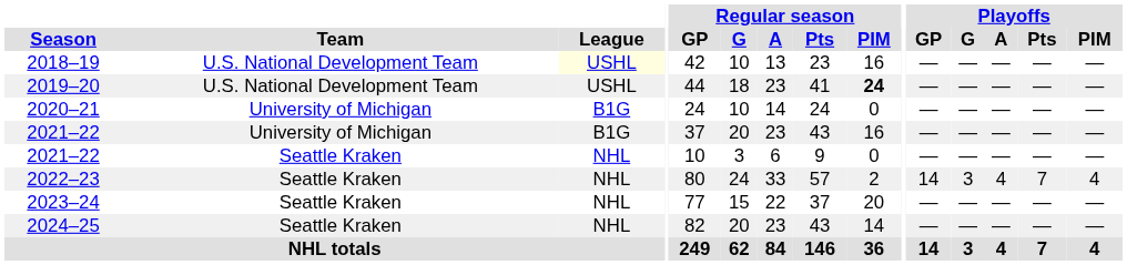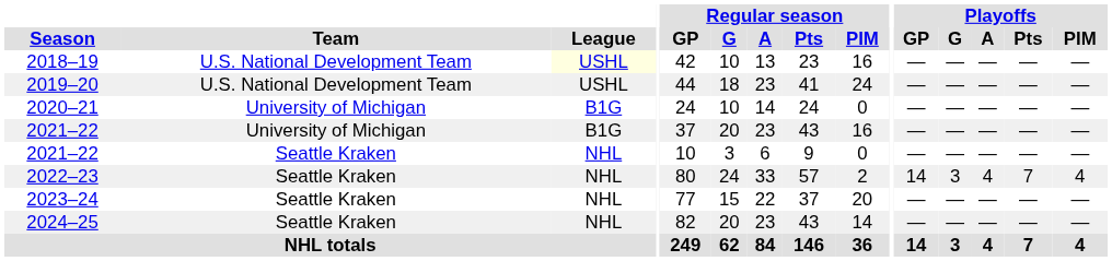 <table border="0" cellpadding="1" cellspacing="0" style="text-align:center; width:60em;">
 <tr bgcolor="#e0e0e0">
 <th colspan="3" bgcolor="#ffffff"></th>
 <th rowspan="100" bgcolor="#ffffff"></th>
 <th colspan="5"><a href='#'>Regular season</a></th>
 <th rowspan="100" bgcolor="#ffffff"></th>
 <th colspan="5"><a href='#'>Playoffs</a></th>
 </tr>
 <tr bgcolor="#e0e0e0">
 <th><a href='#'>Season</a></th>
 <th>Team</th>
 <th>League</th>
 <th>GP</th>
 <th><a href='#'>G</a></th>
 <th><a href='#'>A</a></th>
 <th><a href='#'>Pts</a></th>
 <th><a href='#'>PIM</a></th>
 <th>GP</th>
 <th>G</th>
 <th>A</th>
 <th>Pts</th>
 <th>PIM</th>
 </tr>
 <tr>
 <td><a href='#'>2018–19</a></td>
 <td><a href='#'>U.S. National Development Team</a></td>
 <td style="background: lightyellow;"><a href='#'>USHL</a></td>
 <td>42</td>
 <td>10</td>
 <td>13</td>
 <td>23</td>
 <td>16</td>
 <td>—</td>
 <td>—</td>
 <td>—</td>
 <td>—</td>
 <td>—</td>
 </tr>
 <tr bgcolor="#f0f0f0">
 <td><a href='#'>2019–20</a></td>
 <td>U.S. National Development Team</td>
 <td>USHL</td>
 <td>44</td>
 <td>18</td>
 <td>23</td>
 <td>41</td>
-<td><strong>24</strong></td>
+<td>24</td>
 <td>—</td>
 <td>—</td>
 <td>—</td>
 <td>—</td>
 <td>—</td>
 </tr>
 <tr>
 <td><a href='#'>2020–21</a></td>
 <td><a href='#'>University of Michigan</a></td>
 <td><a href='#'>B1G</a></td>
 <td>24</td>
 <td>10</td>
 <td>14</td>
 <td>24</td>
 <td>0</td>
 <td>—</td>
 <td>—</td>
 <td>—</td>
 <td>—</td>
 <td>—</td>
 </tr>
 <tr bgcolor="#f0f0f0">
 <td><a href='#'>2021–22</a></td>
 <td>University of Michigan</td>
 <td>B1G</td>
 <td>37</td>
 <td>20</td>
 <td>23</td>
 <td>43</td>
 <td>16</td>
 <td>—</td>
 <td>—</td>
 <td>—</td>
 <td>—</td>
 <td>—</td>
 </tr>
 <tr>
 <td><a href='#'>2021–22</a></td>
 <td><a href='#'>Seattle Kraken</a></td>
 <td><a href='#'>NHL</a></td>
 <td>10</td>
 <td>3</td>
 <td>6</td>
 <td>9</td>
 <td>0</td>
 <td>—</td>
 <td>—</td>
 <td>—</td>
 <td>—</td>
 <td>—</td>
 </tr>
 <tr bgcolor="#f0f0f0">
 <td><a href='#'>2022–23</a></td>
 <td>Seattle Kraken</td>
 <td>NHL</td>
 <td>80</td>
 <td>24</td>
 <td>33</td>
 <td>57</td>
 <td>2</td>
 <td>14</td>
 <td>3</td>
 <td>4</td>
 <td>7</td>
 <td>4</td>
 </tr>
 <tr>
 <td><a href='#'>2023–24</a></td>
 <td>Seattle Kraken</td>
 <td>NHL</td>
 <td>77</td>
 <td>15</td>
 <td>22</td>
 <td>37</td>
 <td>20</td>
 <td>—</td>
 <td>—</td>
 <td>—</td>
 <td>—</td>
 <td>—</td>
 </tr>
 <tr bgcolor="#f0f0f0">
 <td><a href='#'>2024–25</a></td>
 <td>Seattle Kraken</td>
 <td>NHL</td>
 <td>82</td>
 <td>20</td>
 <td>23</td>
 <td>43</td>
 <td>14</td>
 <td>—</td>
 <td>—</td>
 <td>—</td>
 <td>—</td>
 <td>—</td>
 </tr>
 <tr bgcolor="#e0e0e0">
 <th colspan="3">NHL totals</th>
 <th>249</th>
 <th>62</th>
 <th>84</th>
 <th>146</th>
 <th>36</th>
 <th>14</th>
 <th>3</th>
 <th>4</th>
 <th>7</th>
 <th>4</th>
 </tr>
 </table>
